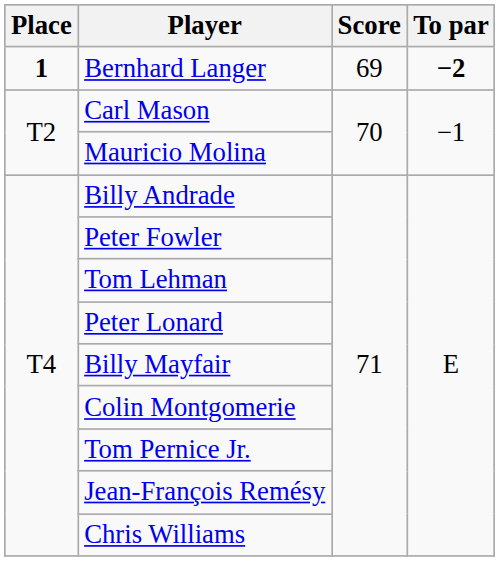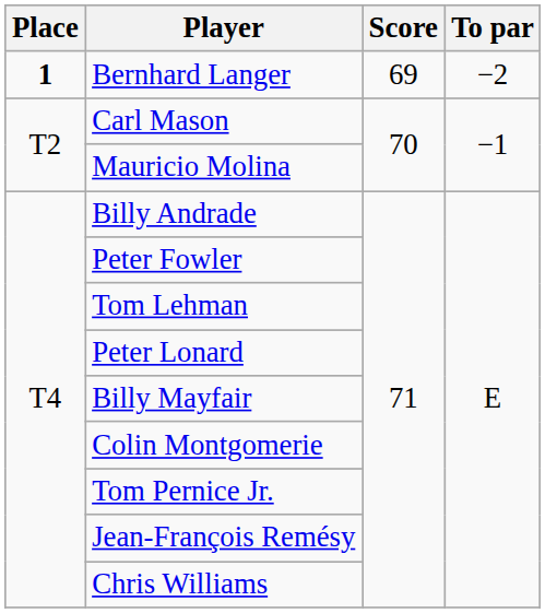 <table class="wikitable">
 <tr>
 <th>Place</th>
 <th>Player</th>
 <th>Score</th>
 <th>To par</th>
 </tr>
 <tr>
 <td align=center><strong>1</strong></td>
 <td> <a href='#'>Bernhard Langer</a></td>
 <td align=center>69</td>
-<td align=center><strong>−2</strong></td>
+<td align=center>−2</td>
 </tr>
 <tr>
 <td rowspan="2" style="text-align:center;">T2</td>
 <td> <a href='#'>Carl Mason</a></td>
 <td rowspan="2" style="text-align:center;">70</td>
 <td rowspan="2" style="text-align:center;">−1</td>
 </tr>
 <tr>
 <td> <a href='#'>Mauricio Molina</a></td>
 </tr>
 <tr>
 <td rowspan="9" style="text-align:center;">T4</td>
 <td> <a href='#'>Billy Andrade</a></td>
 <td rowspan="9" style="text-align:center;">71</td>
 <td rowspan="9" style="text-align:center;">E</td>
 </tr>
 <tr>
 <td> <a href='#'>Peter Fowler</a></td>
 </tr>
 <tr>
 <td> <a href='#'>Tom Lehman</a></td>
 </tr>
 <tr>
 <td> <a href='#'>Peter Lonard</a></td>
 </tr>
 <tr>
 <td> <a href='#'>Billy Mayfair</a></td>
 </tr>
 <tr>
 <td> <a href='#'>Colin Montgomerie</a></td>
 </tr>
 <tr>
 <td> <a href='#'>Tom Pernice Jr.</a></td>
 </tr>
 <tr>
 <td> <a href='#'>Jean-François Remésy</a></td>
 </tr>
 <tr>
 <td> <a href='#'>Chris Williams</a></td>
 </tr>
 </table>
